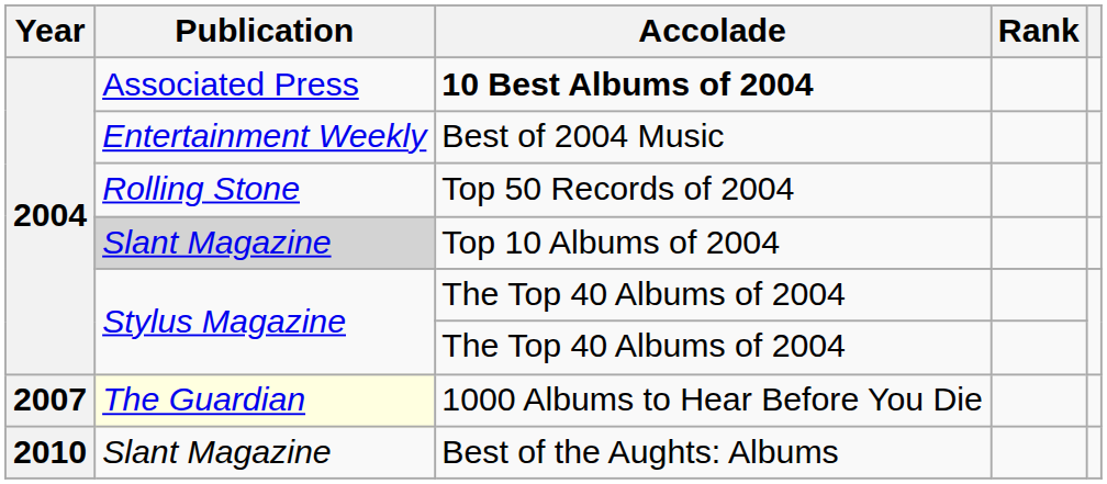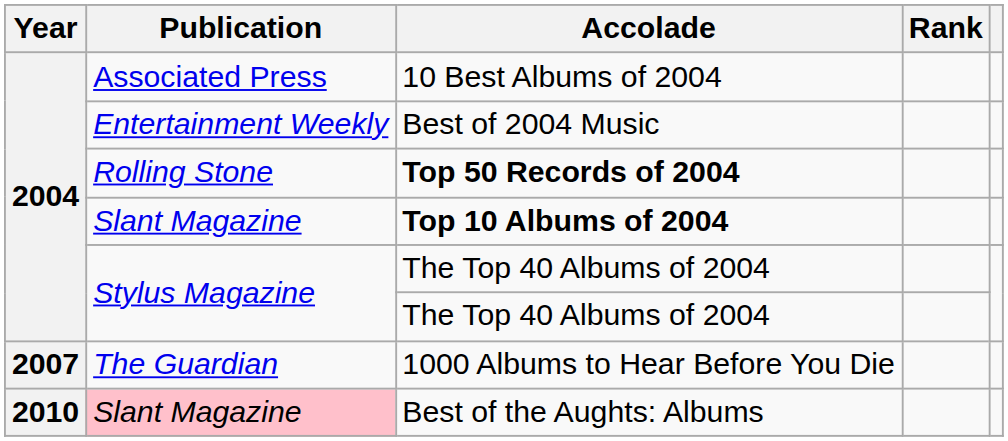 <table class="wikitable sortable plainrowheaders">
 <tr>
 <th scope="col">Year</th>
 <th scope="col">Publication</th>
 <th scope="col">Accolade</th>
 <th scope="col">Rank</th>
 <th scope="col"></th>
 </tr>
 <tr>
 <th scope="row" rowspan="6">2004</th>
 <td><a href='#'>Associated Press</a></td>
-<td><strong>10 Best Albums of 2004</strong></td>
+<td>10 Best Albums of 2004</td>
 <td></td>
 <td></td>
 </tr>
 <tr>
 <td><em><a href='#'>Entertainment Weekly</a></em></td>
 <td>Best of 2004 Music</td>
 <td></td>
 <td></td>
 </tr>
 <tr>
 <td><em><a href='#'>Rolling Stone</a></em></td>
-<td>Top 50 Records of 2004</td>
+<td><strong>Top 50 Records of 2004</strong></td>
 <td></td>
 <td></td>
 </tr>
 <tr>
-<td style="background: lightgrey;"><em><a href='#'>Slant Magazine</a></em></td>
-<td>Top 10 Albums of 2004</td>
+<td><em><a href='#'>Slant Magazine</a></em></td>
+<td><strong>Top 10 Albums of 2004</strong></td>
 <td></td>
 <td></td>
 </tr>
 <tr>
 <td rowspan="2"><em><a href='#'>Stylus Magazine</a></em></td>
 <td>The Top 40 Albums of 2004 </td>
 <td></td>
 <td align="center" rowspan="2"></td>
 </tr>
 <tr>
 <td>The Top 40 Albums of 2004 </td>
 <td></td>
 </tr>
 <tr>
 <th scope="row">2007</th>
-<td style="background: lightyellow;"><em><a href='#'>The Guardian</a></em></td>
+<td><em><a href='#'>The Guardian</a></em></td>
 <td>1000 Albums to Hear Before You Die</td>
 <td></td>
 <td align="center"></td>
 </tr>
 <tr>
 <th scope="row">2010</th>
-<td><em>Slant Magazine</em></td>
+<td style="background: pink;"><em>Slant Magazine</em></td>
 <td>Best of the Aughts: Albums</td>
 <td></td>
 <td align="center"></td>
 </tr>
 </table>
